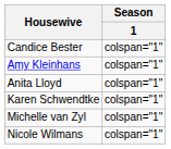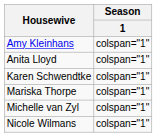 <table class="wikitable">
 <tr>
 <th rowspan="2">Housewive</th>
 <th>Season</th>
 </tr>
 <tr>
 <th>1</th>
-</tr>
-<tr>
-<td>Candice Bester</td>
-<td>colspan="1" </td>
 </tr>
 <tr>
 <td><a href='#'>Amy Kleinhans</a></td>
 <td>colspan="1" </td>
 </tr>
 <tr>
 <td>Anita Lloyd</td>
 <td>colspan="1" </td>
 </tr>
 <tr>
 <td>Karen Schwendtke</td>
 <td>colspan="1" </td>
 </tr>
 <tr>
+<td>Mariska Thorpe</td>
+<td>colspan="1" </td>
+</tr>
+<tr>
 <td>Michelle van Zyl</td>
 <td>colspan="1" </td>
 </tr>
 <tr>
 <td>Nicole Wilmans</td>
 <td>colspan="1" </td>
 </tr>
 </table>
